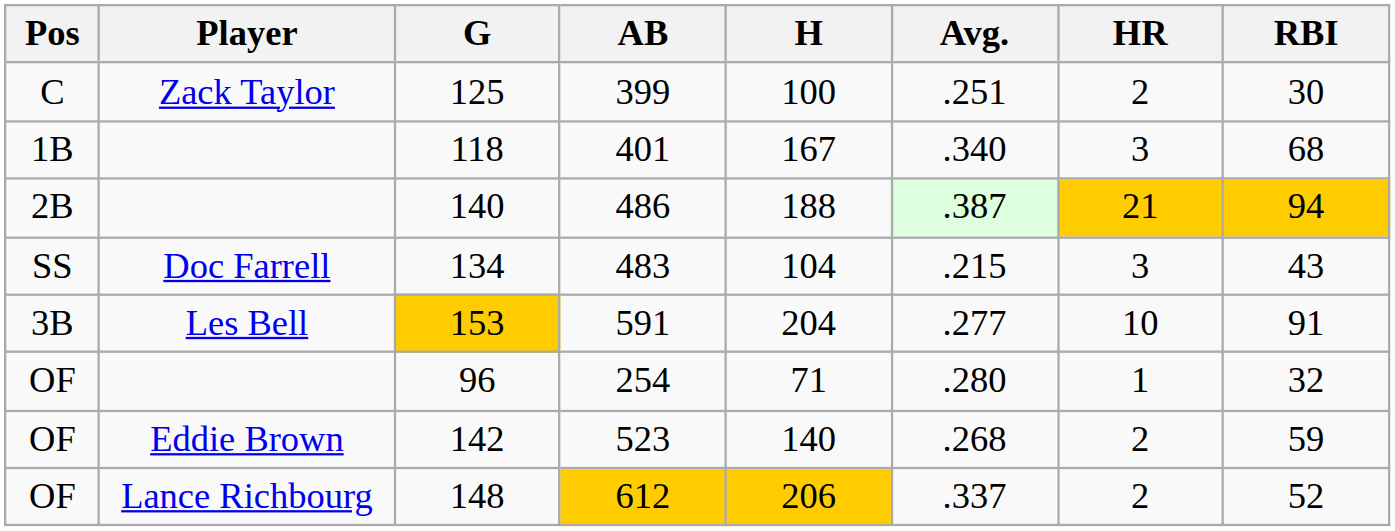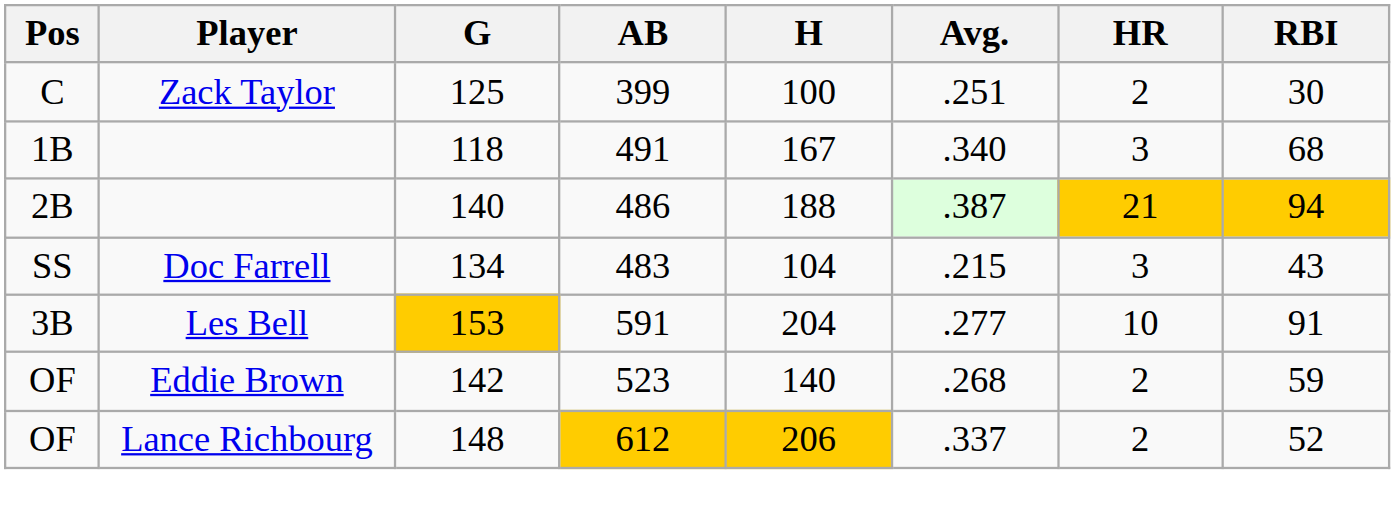 <table class="wikitable sortable">
 <tr>
 <th bgcolor="#DDDDFF" width="5%">Pos</th>
 <th bgcolor="#DDDDFF" width="16%">Player</th>
 <th bgcolor="#DDDDFF" width="9%">G</th>
 <th bgcolor="#DDDDFF" width="9%">AB</th>
 <th bgcolor="#DDDDFF" width="9%">H</th>
 <th bgcolor="#DDDDFF" width="9%">Avg.</th>
 <th bgcolor="#DDDDFF" width="9%">HR</th>
 <th bgcolor="#DDDDFF" width="9%">RBI</th>
 </tr>
 <tr align="center">
 <td>C</td>
 <td><a href='#'>Zack Taylor</a></td>
 <td>125</td>
 <td>399</td>
 <td>100</td>
 <td>.251</td>
 <td>2</td>
 <td>30</td>
 </tr>
 <tr align="center">
 <td>1B</td>
 <td></td>
 <td>118</td>
-<td>401</td>
+<td>491</td>
 <td>167</td>
 <td>.340</td>
 <td>3</td>
 <td>68</td>
 </tr>
 <tr align="center">
 <td>2B</td>
 <td></td>
 <td>140</td>
 <td>486</td>
 <td>188</td>
 <td style="background:#DDFFDD;">.387</td>
 <td style="background:#fc0;">21</td>
 <td style="background:#fc0;">94</td>
 </tr>
 <tr align="center">
 <td>SS</td>
 <td><a href='#'>Doc Farrell</a></td>
 <td>134</td>
 <td>483</td>
 <td>104</td>
 <td>.215</td>
 <td>3</td>
 <td>43</td>
 </tr>
 <tr align="center">
 <td>3B</td>
 <td><a href='#'>Les Bell</a></td>
 <td style="background:#fc0;">153</td>
 <td>591</td>
 <td>204</td>
 <td>.277</td>
 <td>10</td>
 <td>91</td>
 </tr>
 <tr align="center">
 <td>OF</td>
-<td></td>
-<td>96</td>
-<td>254</td>
-<td>71</td>
-<td>.280</td>
-<td>1</td>
-<td>32</td>
-</tr>
-<tr align="center">
-<td>OF</td>
 <td><a href='#'>Eddie Brown</a></td>
 <td>142</td>
 <td>523</td>
 <td>140</td>
 <td>.268</td>
 <td>2</td>
 <td>59</td>
 </tr>
 <tr align="center">
 <td>OF</td>
 <td><a href='#'>Lance Richbourg</a></td>
 <td>148</td>
 <td style="background:#fc0;">612</td>
 <td style="background:#fc0;">206</td>
 <td>.337</td>
 <td>2</td>
 <td>52</td>
 </tr>
 </table>
